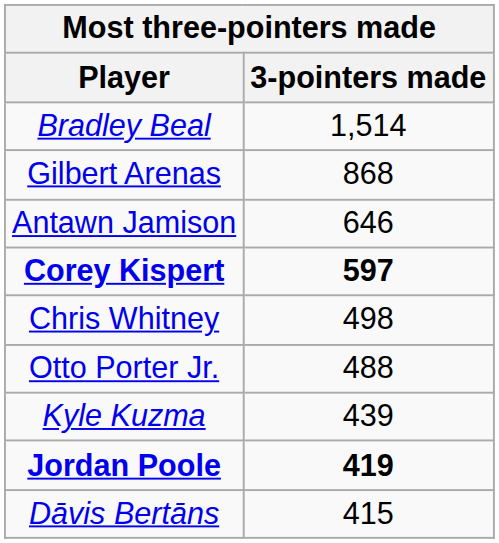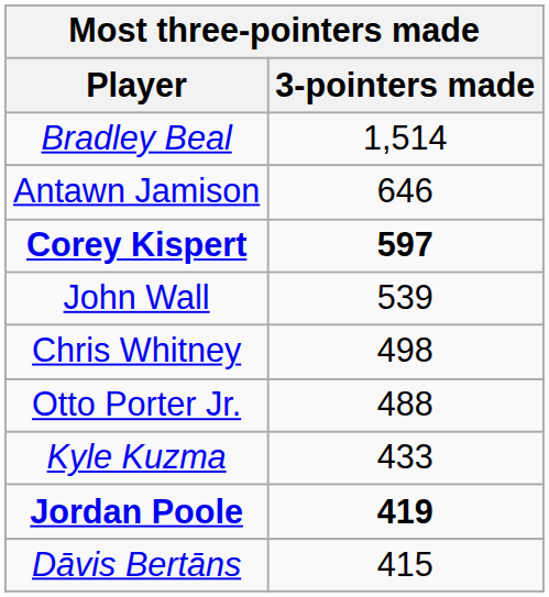 <table class="wikitable sortable" style="text-align:center">
 <tr>
 <th colspan="2" style="text-align:center; ">Most three-pointers made</th>
 </tr>
 <tr>
 <th style="text-align:center; ">Player</th>
 <th style="text-align:center; ">3-pointers made</th>
 </tr>
 <tr>
 <td><em><a href='#'>Bradley Beal</a></em></td>
 <td>1,514</td>
 </tr>
 <tr>
-<td><a href='#'>Gilbert Arenas</a></td>
-<td>868</td>
-</tr>
-<tr>
 <td><a href='#'>Antawn Jamison</a></td>
 <td>646</td>
 </tr>
 <tr>
 <td><strong><a href='#'>Corey Kispert</a></strong></td>
 <td><strong>597</strong></td>
+</tr>
+<tr>
+<td><a href='#'>John Wall</a></td>
+<td>539</td>
 </tr>
 <tr>
 <td><a href='#'>Chris Whitney</a></td>
 <td>498</td>
 </tr>
 <tr>
 <td><a href='#'>Otto Porter Jr.</a></td>
 <td>488</td>
 </tr>
 <tr>
 <td><em><a href='#'>Kyle Kuzma</a></em></td>
-<td>439</td>
+<td>433</td>
 </tr>
 <tr>
 <td><strong><a href='#'>Jordan Poole</a></strong></td>
 <td><strong>419</strong></td>
 </tr>
 <tr>
 <td><em><a href='#'>Dāvis Bertāns</a></em></td>
 <td>415</td>
 </tr>
 </table>
